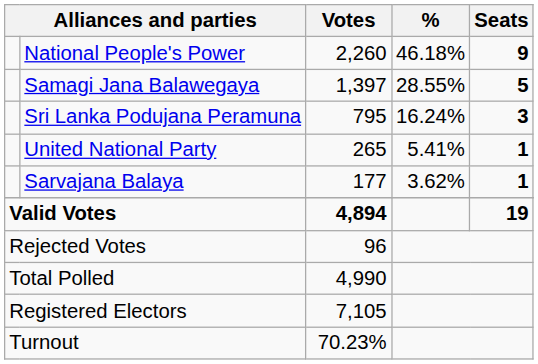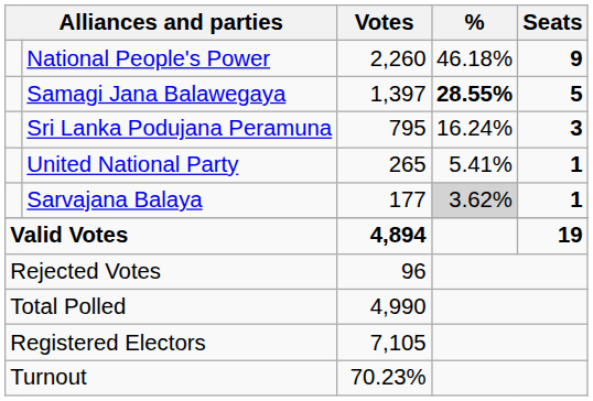 <table class="wikitable" border="1" style="text-align:right;">
 <tr>
 <th valign=bottom align=left colspan=2>Alliances and parties</th>
 <th valign=bottom align=center width="60">Votes</th>
 <th valign=bottom align=center width="50">%</th>
 <th valign=bottom align=center>Seats</th>
 </tr>
 <tr>
 <td bgcolor=> </td>
 <td align=left><a href='#'>National People's Power</a></td>
 <td>2,260</td>
 <td>46.18%</td>
 <td><strong>9</strong></td>
 </tr>
 <tr>
 <td bgcolor=> </td>
 <td align=left><a href='#'>Samagi Jana Balawegaya</a></td>
 <td>1,397</td>
-<td>28.55%</td>
+<td><strong>28.55%</strong></td>
 <td><strong>5</strong></td>
 </tr>
 <tr>
 <td bgcolor=> </td>
 <td align=left><a href='#'>Sri Lanka Podujana Peramuna</a></td>
 <td>795</td>
 <td>16.24%</td>
 <td><strong>3</strong></td>
 </tr>
 <tr>
 <td bgcolor=> </td>
 <td align=left><a href='#'>United National Party</a></td>
 <td>265</td>
 <td>5.41%</td>
 <td><strong>1</strong></td>
 </tr>
 <tr>
 <td bgcolor=> </td>
 <td align=left><a href='#'>Sarvajana Balaya</a></td>
 <td>177</td>
-<td>3.62%</td>
+<td style="background: lightgrey;">3.62%</td>
 <td><strong>1</strong></td>
 </tr>
 <tr>
 </tr>
 <tr>
 <td colspan=2 align=left><strong>Valid Votes</strong></td>
 <td><strong>4,894</strong></td>
 <td></td>
 <td><strong>19</strong></td>
 </tr>
 <tr>
 <td colspan=2 align=left>Rejected Votes</td>
 <td>96</td>
 <td colspan=2></td>
 </tr>
 <tr>
 <td colspan=2 align=left>Total Polled</td>
 <td>4,990</td>
 <td colspan=2></td>
 </tr>
 <tr>
 <td colspan=2 align=left>Registered Electors</td>
 <td>7,105</td>
 <td colspan=2></td>
 </tr>
 <tr>
 <td colspan=2 align=left>Turnout</td>
 <td>70.23%</td>
 <td colspan=2></td>
 </tr>
 </table>
